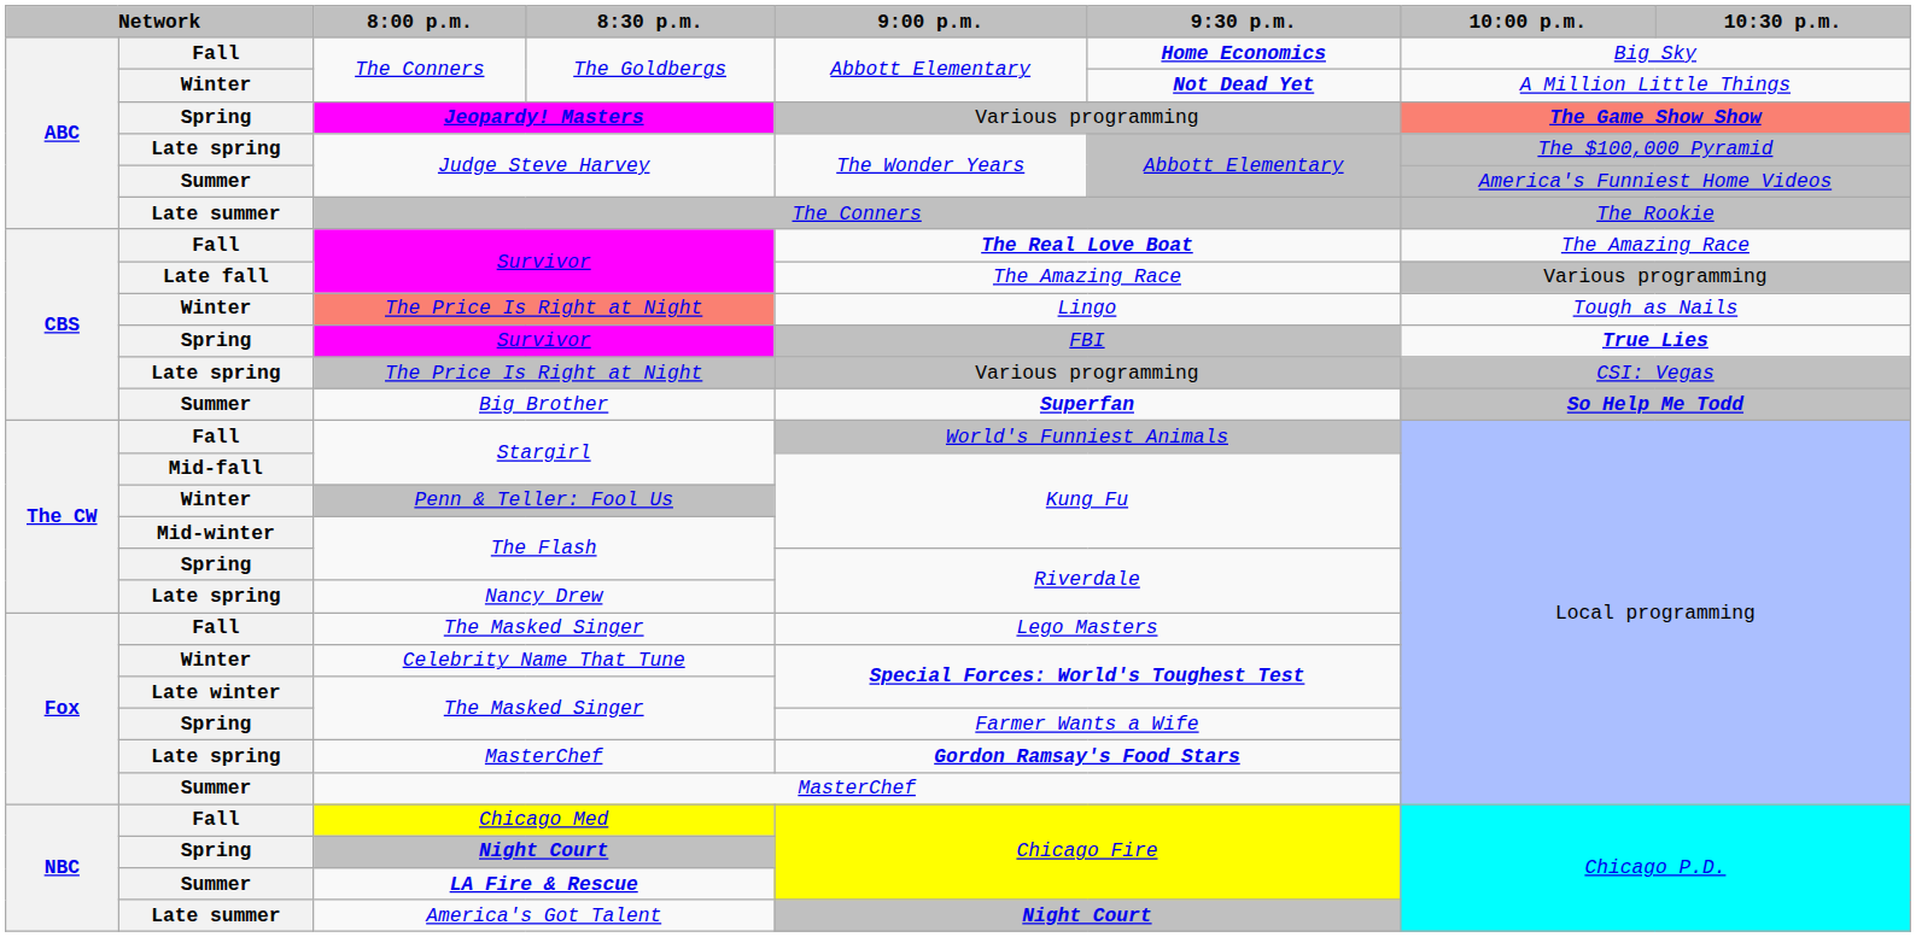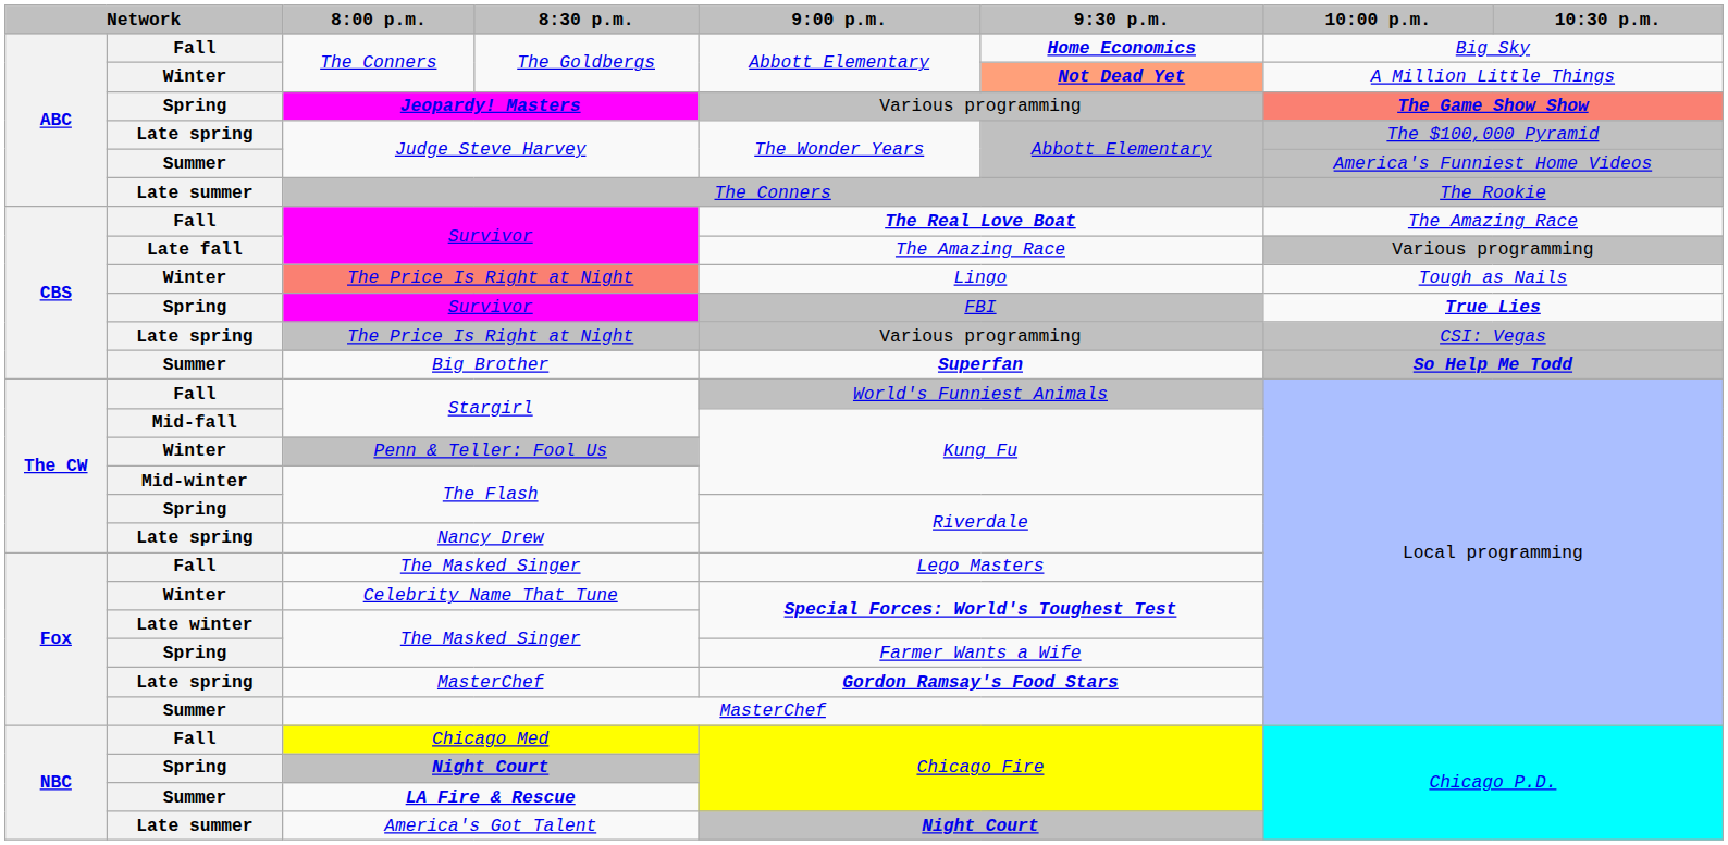 <table class="wikitable" style="width:100%;margin-right:0;text-align:center">
 <tr>
 <th colspan="2" style="background-color:#C0C0C0;text-align:center">Network</th>
 <th style="background-color:#C0C0C0;text-align:center">8:00 p.m.</th>
 <th style="background-color:#C0C0C0;text-align:center">8:30 p.m.</th>
 <th style="background-color:#C0C0C0;text-align:center">9:00 p.m.</th>
 <th style="background-color:#C0C0C0;text-align:center">9:30 p.m.</th>
 <th style="background-color:#C0C0C0;text-align:center">10:00 p.m.</th>
 <th style="background-color:#C0C0C0;text-align:center">10:30 p.m.</th>
 </tr>
 <tr>
 <th rowspan="6"><a href='#'>ABC</a></th>
 <th>Fall</th>
 <td rowspan="2"><em><a href='#'>The Conners</a></em></td>
 <td rowspan="2"><em><a href='#'>The Goldbergs</a></em></td>
 <td rowspan="2"><em><a href='#'>Abbott Elementary</a></em></td>
 <td><strong><em><a href='#'>Home Economics</a></em></strong></td>
 <td colspan="2"><em><a href='#'>Big Sky</a></em></td>
 </tr>
 <tr>
 <th>Winter</th>
-<td><strong><em><a href='#'>Not Dead Yet</a></em></strong></td>
+<td style="background: lightsalmon;"><strong><em><a href='#'>Not Dead Yet</a></em></strong></td>
 <td colspan="2"><em><a href='#'>A Million Little Things</a></em></td>
 </tr>
 <tr>
 <th>Spring</th>
 <td colspan="2" style="background:magenta;"><strong><em><a href='#'>Jeopardy! Masters</a></em></strong> </td>
 <td colspan="2" style="background:#C0C0C0;">Various programming</td>
 <td colspan="2" style="background:#FA8072;"><strong><em><a href='#'>The Game Show Show</a></em></strong></td>
 </tr>
 <tr>
 <th>Late spring</th>
 <td rowspan="2" colspan="2"><em><a href='#'>Judge Steve Harvey</a></em></td>
 <td rowspan="2"><em><a href='#'>The Wonder Years</a></em></td>
 <td rowspan="2" style="background:#C0C0C0;"><em><a href='#'>Abbott Elementary</a></em> </td>
 <td colspan="2" style="background:#C0C0C0;"><em><a href='#'>The $100,000 Pyramid</a></em> </td>
 </tr>
 <tr>
 <th>Summer</th>
 <td colspan="2" style="background:#C0C0C0;"><em><a href='#'>America's Funniest Home Videos</a></em> </td>
 </tr>
 <tr>
 <th>Late summer</th>
 <td colspan="4" style="background:#C0C0C0;"><em><a href='#'>The Conners</a></em> </td>
 <td colspan="2" style="background:#C0C0C0;"><em><a href='#'>The Rookie</a></em> </td>
 </tr>
 <tr>
 <th rowspan="6"><a href='#'>CBS</a></th>
 <th>Fall</th>
 <td rowspan="2" colspan="2" style="background:magenta;"><em><a href='#'>Survivor</a></em> </td>
 <td colspan="2"><strong><em><a href='#'>The Real Love Boat</a></em></strong></td>
 <td colspan="2"><em><a href='#'>The Amazing Race</a></em></td>
 </tr>
 <tr>
 <th>Late fall</th>
 <td colspan="2"><em><a href='#'>The Amazing Race</a></em></td>
 <td colspan="2" style="background:#C0C0C0;">Various programming</td>
 </tr>
 <tr>
 <th>Winter</th>
 <td colspan="2" style="background:#FA8072;"><em><a href='#'>The Price Is Right at Night</a></em></td>
 <td colspan="2"><em><a href='#'>Lingo</a></em></td>
 <td colspan="2"><em><a href='#'>Tough as Nails</a></em></td>
 </tr>
 <tr>
 <th>Spring</th>
 <td colspan="2" style="background:magenta;"><em><a href='#'>Survivor</a></em> </td>
 <td colspan="2" style="background:#C0C0C0;"><em><a href='#'>FBI</a></em> </td>
 <td colspan="2"><strong><em><a href='#'>True Lies</a></em></strong></td>
 </tr>
 <tr>
 <th>Late spring</th>
 <td colspan="2" style="background:#C0C0C0;"><em><a href='#'>The Price Is Right at Night</a></em> </td>
 <td colspan="2" style="background:#C0C0C0;">Various programming</td>
 <td colspan="2" style="background:#C0C0C0;"><em><a href='#'>CSI: Vegas</a></em> </td>
 </tr>
 <tr>
 <th>Summer</th>
 <td colspan="2"><em><a href='#'>Big Brother</a></em></td>
 <td colspan="2"><strong><em><a href='#'>Superfan</a></em></strong></td>
 <td colspan="2" style="background:#C0C0C0;"><strong><em><a href='#'>So Help Me Todd</a></em></strong> </td>
 </tr>
 <tr>
 <th rowspan="6"><a href='#'>The CW</a></th>
 <th>Fall</th>
 <td rowspan="2" colspan="2"><em><a href='#'>Stargirl</a></em></td>
 <td colspan="2" style="background:#C0C0C0;"><em><a href='#'>World's Funniest Animals</a></em> </td>
 <td rowspan="12" colspan="2" style="background:#ABBFFF;">Local programming</td>
 </tr>
 <tr>
 <th>Mid-fall</th>
 <td rowspan="3" colspan="2"><em><a href='#'>Kung Fu</a></em></td>
 </tr>
 <tr>
 <th>Winter</th>
 <td colspan="2" style="background:#C0C0C0;"><em><a href='#'>Penn & Teller: Fool Us</a></em> </td>
 </tr>
 <tr>
 <th>Mid-winter</th>
 <td rowspan="2" colspan="2"><em><a href='#'>The Flash</a></em></td>
 </tr>
 <tr>
 <th>Spring</th>
 <td rowspan="2" colspan="2"><em><a href='#'>Riverdale</a></em></td>
 </tr>
 <tr>
 <th>Late spring</th>
 <td colspan="2"><em><a href='#'>Nancy Drew</a></em></td>
 </tr>
 <tr>
 <th rowspan="6"><a href='#'>Fox</a></th>
 <th>Fall</th>
 <td colspan="2"><em><a href='#'>The Masked Singer</a></em></td>
 <td colspan="2"><em><a href='#'>Lego Masters</a></em></td>
 </tr>
 <tr>
 <th>Winter</th>
 <td colspan="2"><em><a href='#'>Celebrity Name That Tune</a></em></td>
 <td rowspan="2" colspan="2"><strong><em><a href='#'>Special Forces: World's Toughest Test</a></em></strong></td>
 </tr>
 <tr>
 <th>Late winter</th>
 <td rowspan="2" colspan="2"><em><a href='#'>The Masked Singer</a></em></td>
 </tr>
 <tr>
 <th>Spring</th>
 <td colspan="2"><em><a href='#'>Farmer Wants a Wife</a></em></td>
 </tr>
 <tr>
 <th>Late spring</th>
 <td colspan="2"><em><a href='#'>MasterChef</a></em></td>
 <td colspan="2"><strong><em><a href='#'>Gordon Ramsay's Food Stars</a></em></strong></td>
 </tr>
 <tr>
 <th>Summer</th>
 <td colspan="4"><em><a href='#'>MasterChef</a></em></td>
 </tr>
 <tr>
 <th rowspan="4"><a href='#'>NBC</a></th>
 <th>Fall</th>
 <td colspan="2" style="background:yellow;"><em><a href='#'>Chicago Med</a></em> </td>
 <td rowspan="3" colspan="2" style="background:yellow;"><em><a href='#'>Chicago Fire</a></em> </td>
 <td rowspan="4" colspan="2" style="background:cyan;"><em><a href='#'>Chicago P.D.</a></em> </td>
 </tr>
 <tr>
 <th>Spring</th>
 <td colspan="2" style="background:#C0C0C0;"><strong><em><a href='#'>Night Court</a></em></strong> </td>
 </tr>
 <tr>
 <th>Summer</th>
 <td colspan="2"><strong><em><a href='#'>LA Fire & Rescue</a></em></strong></td>
 </tr>
 <tr>
 <th>Late summer</th>
 <td colspan="2"><em><a href='#'>America's Got Talent</a></em></td>
 <td colspan="2" style="background:#C0C0C0;"><strong><em><a href='#'>Night Court</a></em></strong> </td>
 </tr>
 </table>
